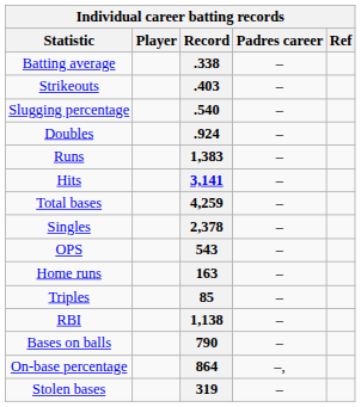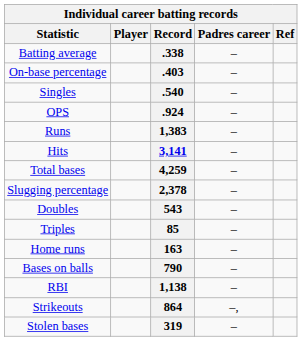 <table class="wikitable" style="text-align:center">
 <tr>
 <th colspan=5>Individual career batting records</th>
 </tr>
 <tr>
 <th scope="col">Statistic</th>
 <th scope="col">Player</th>
 <th scope="col" class="unsortable">Record</th>
 <th scope="col">Padres career</th>
 <th scope="col" class="unsortable">Ref</th>
 </tr>
 <tr>
 <td><a href='#'>Batting average</a></td>
 <td></td>
 <th scope="row">.338</th>
 <td>–</td>
 <td></td>
 </tr>
 <tr>
-<td><a href='#'>Strikeouts</a></td>
+<td><a href='#'>On-base percentage</a></td>
 <td></td>
 <th scope="row">.403</th>
 <td>–</td>
 <td></td>
 </tr>
 <tr>
-<td><a href='#'>Slugging percentage</a></td>
+<td><a href='#'>Singles</a></td>
 <td></td>
 <th scope="row">.540</th>
 <td>–</td>
 <td></td>
 </tr>
 <tr>
-<td><a href='#'>Doubles</a></td>
+<td><a href='#'>OPS</a></td>
 <td></td>
 <th scope="row">.924</th>
 <td>–</td>
 <td></td>
 </tr>
 <tr>
 <td><a href='#'>Runs</a></td>
 <td></td>
 <th scope="row">1,383</th>
 <td>–</td>
 <td></td>
 </tr>
 <tr>
 <td><a href='#'>Hits</a></td>
 <td></td>
 <th scope="row"><a href='#'>3,141</a></th>
 <td>–</td>
 <td></td>
 </tr>
 <tr>
 <td><a href='#'>Total bases</a></td>
 <td></td>
 <th scope="row">4,259</th>
 <td>–</td>
 <td></td>
 </tr>
 <tr>
-<td><a href='#'>Singles</a></td>
+<td><a href='#'>Slugging percentage</a></td>
 <td></td>
 <th scope="row">2,378</th>
 <td>–</td>
 <td></td>
 </tr>
 <tr>
-<td><a href='#'>OPS</a></td>
+<td><a href='#'>Doubles</a></td>
 <td></td>
 <th scope="row">543</th>
+<td>–</td>
+<td></td>
+</tr>
+<tr>
+<td><a href='#'>Triples</a></td>
+<td></td>
+<th scope="row">85</th>
 <td>–</td>
 <td></td>
 </tr>
 <tr>
 <td><a href='#'>Home runs</a></td>
 <td></td>
 <th scope="row">163</th>
 <td>–</td>
 <td></td>
 </tr>
 <tr>
-<td><a href='#'>Triples</a></td>
+<td><a href='#'>Bases on balls</a></td>
 <td></td>
-<th scope="row">85</th>
+<th scope="row">790</th>
 <td>–</td>
 <td></td>
 </tr>
 <tr>
 <td><a href='#'>RBI</a></td>
 <td></td>
 <th scope="row">1,138</th>
 <td>–</td>
 <td></td>
 </tr>
 <tr>
-<td><a href='#'>Bases on balls</a></td>
-<td></td>
-<th scope="row">790</th>
-<td>–</td>
-<td></td>
-</tr>
-<tr>
-<td><a href='#'>On-base percentage</a></td>
+<td><a href='#'>Strikeouts</a></td>
 <td></td>
 <th scope="row">864</th>
 <td>–, </td>
 <td></td>
 </tr>
 <tr>
 <td><a href='#'>Stolen bases</a></td>
 <td></td>
 <th scope="row">319</th>
 <td>–</td>
 <td></td>
 </tr>
 </table>
